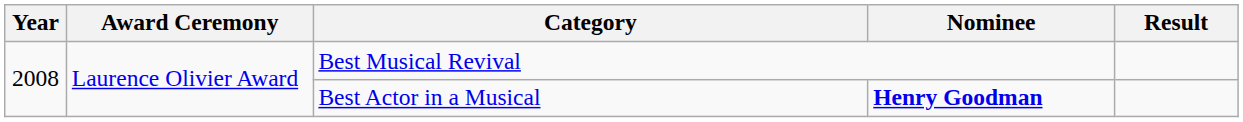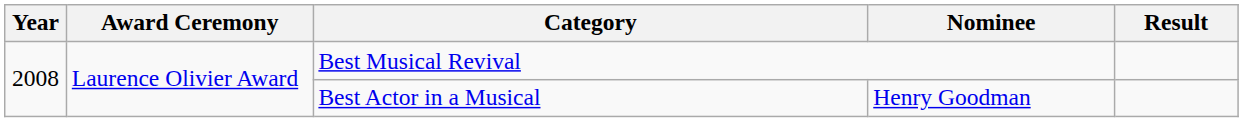 <table class="wikitable" width="95%">
 <tr>
 <th width="5%">Year</th>
 <th width="20%">Award Ceremony</th>
 <th width="45%">Category</th>
 <th width="20%">Nominee</th>
 <th width="10%">Result</th>
 </tr>
 <tr>
 <td rowspan="2" align="center">2008</td>
 <td rowspan="2"><a href='#'>Laurence Olivier Award</a></td>
 <td colspan="2"><a href='#'>Best Musical Revival</a></td>
 <td></td>
 </tr>
 <tr>
 <td><a href='#'>Best Actor in a Musical</a></td>
-<td><strong><a href='#'>Henry Goodman</a></strong></td>
+<td><a href='#'>Henry Goodman</a></td>
 <td></td>
 </tr>
 </table>
